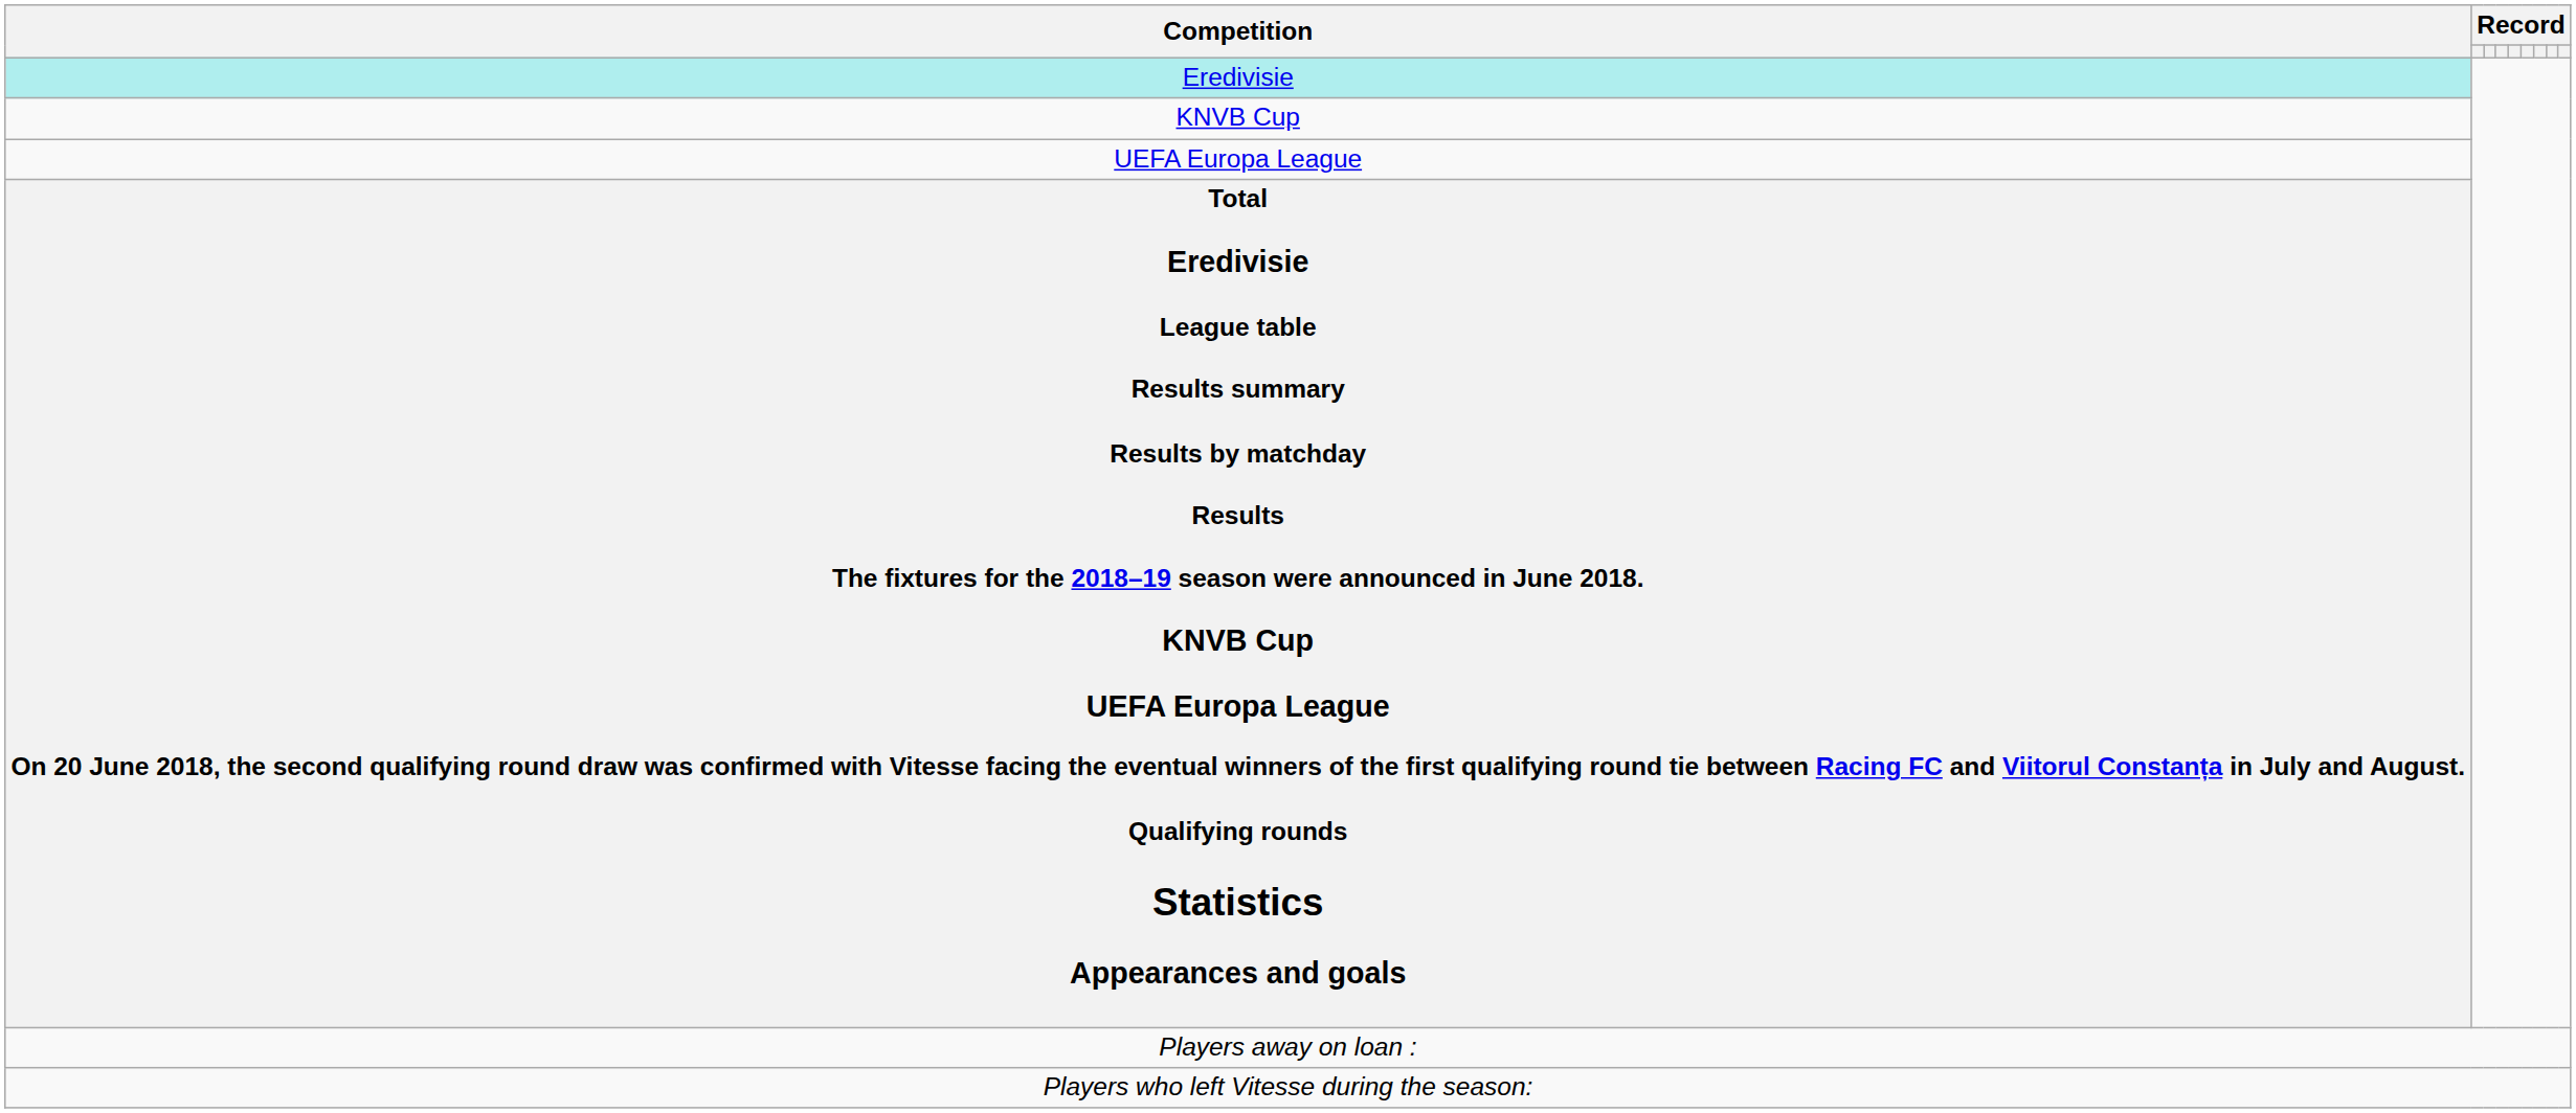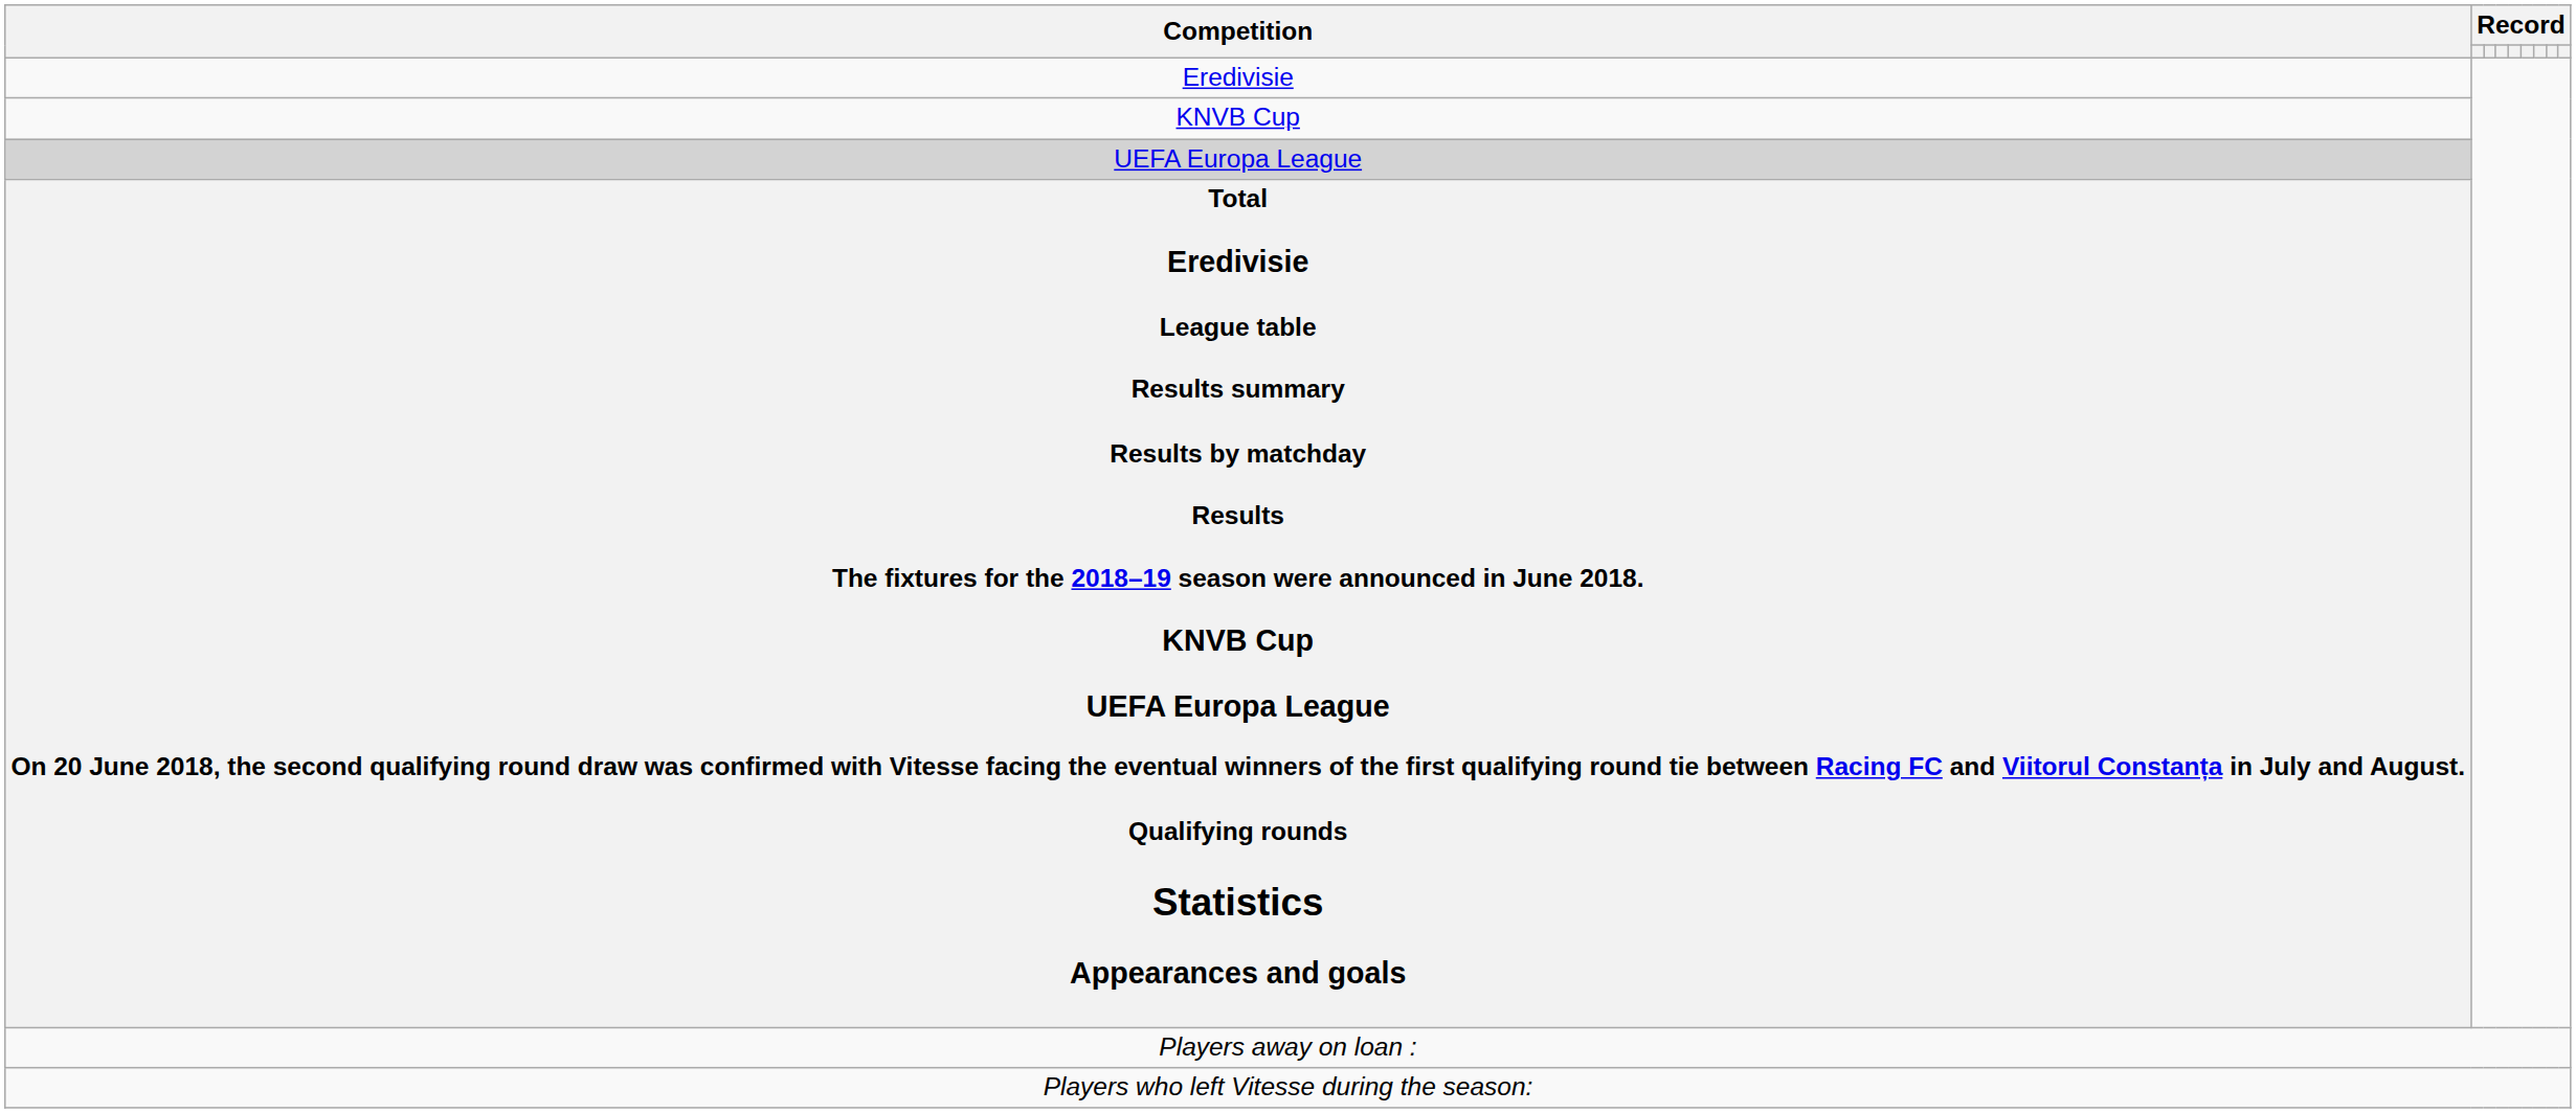 <table class="wikitable" style="text-align: center">
 <tr>
 <th rowspan=2>Competition</th>
 <th colspan=8>Record</th>
 </tr>
 <tr>
 <th></th>
 <th></th>
 <th></th>
 <th></th>
 <th></th>
 <th></th>
 <th></th>
 <th></th>
 </tr>
 <tr>
-<td style="background: paleturquoise;"><a href='#'>Eredivisie</a><br></td>
+<td><a href='#'>Eredivisie</a><br></td>
 </tr>
 <tr>
 <td><a href='#'>KNVB Cup</a><br></td>
 </tr>
 <tr>
-<td><a href='#'>UEFA Europa League</a><br></td>
+<td style="background: lightgrey;"><a href='#'>UEFA Europa League</a><br></td>
 </tr>
 <tr>
 <th>Total<br> <h3>Eredivisie</h3><h4>League table</h4><h4>Results summary</h4> <h4>Results by matchday</h4>  <h4>Results</h4>The fixtures for the <a href='#'>2018–19</a> season were announced in June 2018.                                  <h3>KNVB Cup</h3>    <h3>UEFA Europa League</h3> On 20 June 2018, the second qualifying round draw was confirmed with Vitesse facing the eventual winners of the first qualifying round tie between <a href='#'>Racing FC</a> and <a href='#'>Viitorul Constanța</a> in July and August.<h4>Qualifying rounds</h4>    <h2>Statistics</h2><h3>Appearances and goals</h3>                      </th>
 </tr>
 <tr>
 <td colspan="16"><em>Players away on loan :</em><br> </td>
 </tr>
 <tr>
 <td colspan="16"><em>Players who left Vitesse during the season:</em><br></td>
 </tr>
 </table>
